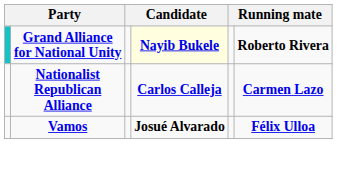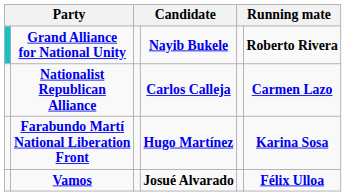 <table class="vertical-align-top wikitable sortable" style="text-align:center">
 <tr>
 <th colspan="2">Party</th>
 <th colspan="2">Candidate</th>
 <th colspan="2">Running mate</th>
 </tr>
 <tr>
 <td style="background-color:#13C3C6"></td>
 <td data-sort-value="Grand Alliance for National Unity"> <strong><a href='#'>Grand Alliance<br>for National Unity</a></strong></td>
 <td></td>
-<td data-sort-value="Bukele, Nayib" style="background: lightyellow; line-height:1.0"><strong><a href='#'>Nayib Bukele</a></strong><br></td>
+<td data-sort-value="Bukele, Nayib" style="line-height:1.0"><strong><a href='#'>Nayib Bukele</a></strong><br></td>
 <td></td>
 <td data-sort-value="Rivera, Roberto"  style="line-height:1.0"><strong>Roberto Rivera</strong></td>
 </tr>
 <tr>
 <td style="background-color:"></td>
 <td data-sort-value="Nationalist Republican Alliance"> <strong><a href='#'>Nationalist<br>Republican<br>Alliance</a></strong></td>
 <td></td>
 <td data-sort-value="Calleja, Carlos" style="line-height:1.0"><strong><a href='#'>Carlos Calleja</a></strong></td>
 <td></td>
 <td data-sort-value="Lazo, Carmen"  style="line-height:1.0"><strong><a href='#'>Carmen Lazo</a></strong></td>
 </tr>
 <tr>
 <td style="background-color:"></td>
+<td data-sort-value="Farabundo Martí National Liberation Front"> <strong><a href='#'>Farabundo Martí<br>National Liberation<br>Front</a></strong></td>
+<td></td>
+<td data-sort-value="Martinez, Hugo" style="line-height:1.0"><strong><a href='#'>Hugo Martínez</a></strong><br></td>
+<td></td>
+<td data-sort-value="Sosa, Karina"  style="line-height:1.0"><strong><a href='#'>Karina Sosa</a></strong><br></td>
+</tr>
+<tr>
+<td style="background-color:"></td>
 <td data-sort-value="Vamos"> <strong><a href='#'>Vamos</a></strong></td>
 <td></td>
 <td data-sort-value="Alvarado, Josue" style="line-height:1.0"><strong>Josué Alvarado</strong></td>
 <td></td>
 <td data-sort-value="Ulloa, Felix"  style="line-height:1.0"><strong><a href='#'>Félix Ulloa</a></strong></td>
 </tr>
 </table>
